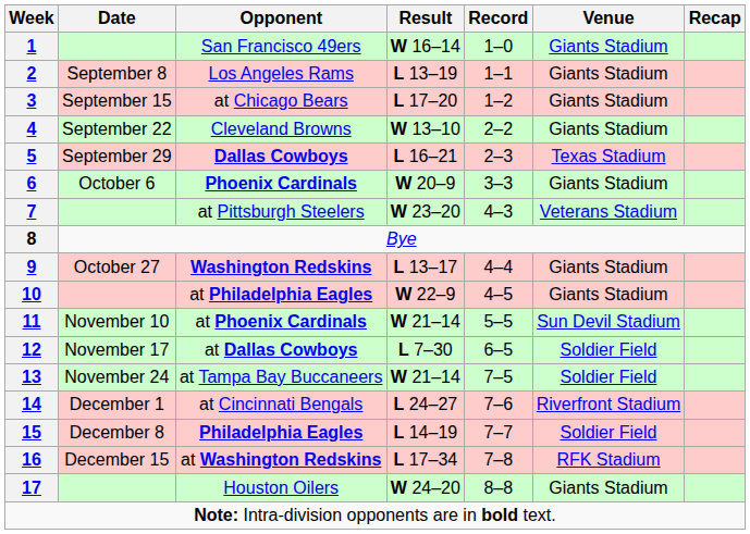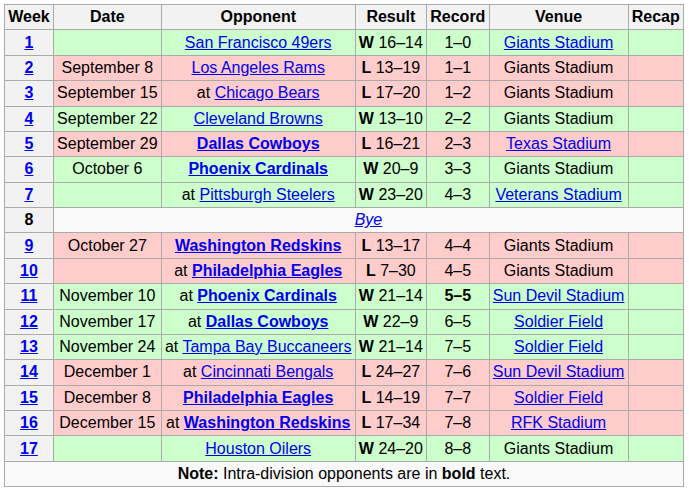 <table class="wikitable" style="text-align:center">
 <tr>
 <th>Week</th>
 <th>Date</th>
 <th>Opponent</th>
 <th>Result</th>
 <th>Record</th>
 <th>Venue</th>
 <th>Recap</th>
 </tr>
 <tr style="background:#cfc">
 <th><a href='#'>1</a></th>
 <td></td>
 <td><a href='#'>San Francisco 49ers</a></td>
 <td><strong>W</strong> 16–14</td>
 <td>1–0</td>
 <td><a href='#'>Giants Stadium</a></td>
 <td></td>
 </tr>
 <tr style="background:#fcc">
 <th><a href='#'>2</a></th>
 <td>September 8</td>
 <td><a href='#'>Los Angeles Rams</a></td>
 <td><strong>L</strong> 13–19</td>
 <td>1–1</td>
 <td>Giants Stadium</td>
 <td></td>
 </tr>
 <tr style="background:#fcc">
 <th><a href='#'>3</a></th>
 <td>September 15</td>
 <td>at <a href='#'>Chicago Bears</a></td>
 <td><strong>L</strong> 17–20</td>
 <td>1–2</td>
 <td>Giants Stadium</td>
 <td></td>
 </tr>
 <tr style="background:#cfc">
 <th><a href='#'>4</a></th>
 <td>September 22</td>
 <td><a href='#'>Cleveland Browns</a></td>
 <td><strong>W</strong> 13–10</td>
 <td>2–2</td>
 <td>Giants Stadium</td>
 <td></td>
 </tr>
 <tr style="background:#fcc">
 <th><a href='#'>5</a></th>
 <td>September 29</td>
 <td><strong><a href='#'>Dallas Cowboys</a></strong></td>
 <td><strong>L</strong> 16–21</td>
 <td>2–3</td>
 <td><a href='#'>Texas Stadium</a></td>
 <td></td>
 </tr>
 <tr style="background:#cfc">
 <th><a href='#'>6</a></th>
 <td>October 6</td>
 <td><strong><a href='#'>Phoenix Cardinals</a></strong></td>
 <td><strong>W</strong> 20–9</td>
 <td>3–3</td>
 <td>Giants Stadium</td>
 <td></td>
 </tr>
 <tr style="background:#cfc">
 <th><a href='#'>7</a></th>
 <td></td>
 <td>at <a href='#'>Pittsburgh Steelers</a></td>
 <td><strong>W</strong> 23–20</td>
 <td>4–3</td>
 <td><a href='#'>Veterans Stadium</a></td>
 <td></td>
 </tr>
 <tr>
 <th>8</th>
 <td colspan="8" style="text-align:center;"><em><a href='#'>Bye</a></em></td>
 </tr>
 <tr style="background:#fcc">
 <th><a href='#'>9</a></th>
 <td>October 27</td>
 <td><strong><a href='#'>Washington Redskins</a></strong></td>
 <td><strong>L</strong> 13–17</td>
 <td>4–4</td>
 <td>Giants Stadium</td>
 <td></td>
 </tr>
 <tr style="background:#fcc">
 <th><a href='#'>10</a></th>
 <td></td>
 <td>at <strong><a href='#'>Philadelphia Eagles</a></strong></td>
-<td><strong>W</strong> 22–9</td>
+<td><strong>L</strong>  7–30</td>
 <td>4–5</td>
 <td>Giants Stadium</td>
 <td></td>
 </tr>
 <tr style="background:#cfc">
 <th><a href='#'>11</a></th>
 <td>November 10</td>
 <td>at <strong><a href='#'>Phoenix Cardinals</a></strong></td>
 <td><strong>W</strong> 21–14</td>
-<td>5–5</td>
+<td><strong>5–5</strong></td>
 <td><a href='#'>Sun Devil Stadium</a></td>
 <td></td>
 </tr>
 <tr style="background:#cfc">
 <th><a href='#'>12</a></th>
 <td>November 17</td>
 <td>at <strong><a href='#'>Dallas Cowboys</a></strong></td>
-<td><strong>L</strong>  7–30</td>
+<td><strong>W</strong> 22–9</td>
 <td>6–5</td>
 <td><a href='#'>Soldier Field</a></td>
 <td></td>
 </tr>
 <tr style="background:#cfc">
 <th><a href='#'>13</a></th>
 <td>November 24</td>
 <td>at <a href='#'>Tampa Bay Buccaneers</a></td>
 <td><strong>W</strong> 21–14</td>
 <td>7–5</td>
 <td><a href='#'>Soldier Field</a></td>
 <td></td>
 </tr>
 <tr style="background:#fcc">
 <th><a href='#'>14</a></th>
 <td>December 1</td>
 <td>at <a href='#'>Cincinnati Bengals</a></td>
 <td><strong>L</strong>  24–27</td>
 <td>7–6</td>
-<td><a href='#'>Riverfront Stadium</a></td>
+<td><a href='#'>Sun Devil Stadium</a></td>
 <td></td>
 </tr>
 <tr style="background:#fcc">
 <th><a href='#'>15</a></th>
 <td>December 8</td>
 <td><strong><a href='#'>Philadelphia Eagles</a></strong></td>
 <td><strong>L</strong> 14–19</td>
 <td>7–7</td>
 <td><a href='#'>Soldier Field</a></td>
 <td></td>
 </tr>
 <tr style="background:#fcc">
 <th><a href='#'>16</a></th>
 <td>December 15</td>
 <td>at <strong><a href='#'>Washington Redskins</a></strong></td>
 <td><strong>L</strong> 17–34</td>
 <td>7–8</td>
 <td><a href='#'>RFK Stadium</a></td>
 <td></td>
 </tr>
 <tr style="background:#cfc">
 <th><a href='#'>17</a></th>
 <td></td>
 <td><a href='#'>Houston Oilers</a></td>
 <td><strong>W</strong> 24–20</td>
 <td>8–8</td>
 <td>Giants Stadium</td>
 <td></td>
 </tr>
 <tr>
 <td colspan="8"><strong>Note:</strong> Intra-division opponents are in <strong>bold</strong> text.</td>
 </tr>
 </table>
